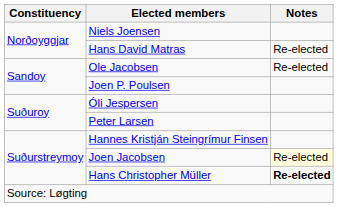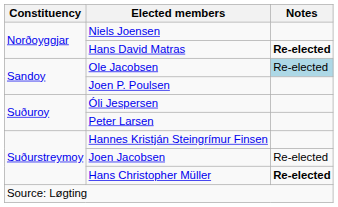 <table class=wikitable>
 <tr>
 <th>Constituency</th>
 <th>Elected members</th>
 <th>Notes</th>
 </tr>
 <tr>
 <td rowspan=2><a href='#'>Norðoyggjar</a></td>
 <td><a href='#'>Niels Joensen</a></td>
 <td></td>
 </tr>
 <tr>
 <td><a href='#'>Hans David Matras</a></td>
-<td>Re-elected</td>
+<td><strong>Re-elected</strong></td>
 </tr>
 <tr>
 <td rowspan=2><a href='#'>Sandoy</a></td>
 <td><a href='#'>Ole Jacobsen</a></td>
-<td>Re-elected</td>
+<td style="background: lightblue;">Re-elected</td>
 </tr>
 <tr>
 <td><a href='#'>Joen P. Poulsen</a></td>
 <td></td>
 </tr>
 <tr>
 <td rowspan=2><a href='#'>Suðuroy</a></td>
 <td><a href='#'>Óli Jespersen</a></td>
 <td></td>
 </tr>
 <tr>
 <td><a href='#'>Peter Larsen</a></td>
 <td></td>
 </tr>
 <tr>
 <td rowspan=3><a href='#'>Suðurstreymoy</a></td>
 <td><a href='#'>Hannes Kristján Steingrímur Finsen</a></td>
 <td></td>
 </tr>
 <tr>
 <td><a href='#'>Joen Jacobsen</a></td>
-<td style="background: lightyellow;">Re-elected</td>
+<td>Re-elected</td>
 </tr>
 <tr>
 <td><a href='#'>Hans Christopher Müller</a></td>
 <td><strong>Re-elected</strong></td>
 </tr>
 <tr>
 <td colspan=3>Source: Løgting</td>
 </tr>
 </table>
